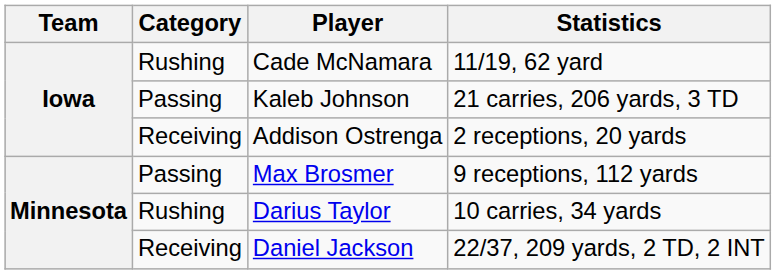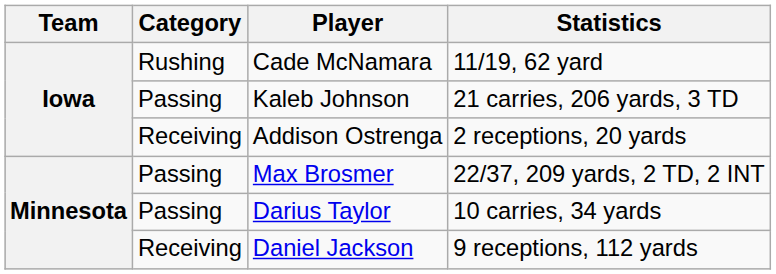 <table class="wikitable" style="float:right">
 <tr>
 <th>Team</th>
 <th>Category</th>
 <th>Player</th>
 <th>Statistics</th>
 </tr>
 <tr>
 <th rowspan=3>Iowa</th>
 <td>Rushing</td>
 <td>Cade McNamara</td>
 <td>11/19, 62 yard</td>
 </tr>
 <tr>
 <td>Passing</td>
 <td>Kaleb Johnson</td>
 <td>21 carries, 206 yards, 3 TD</td>
 </tr>
 <tr>
 <td>Receiving</td>
 <td>Addison Ostrenga</td>
 <td>2 receptions, 20 yards</td>
 </tr>
 <tr>
 <th rowspan=3>Minnesota</th>
 <td>Passing</td>
 <td><a href='#'>Max Brosmer</a></td>
-<td>9 receptions, 112 yards</td>
+<td>22/37, 209 yards, 2 TD, 2 INT</td>
 </tr>
 <tr>
-<td>Rushing</td>
+<td>Passing</td>
 <td><a href='#'>Darius Taylor</a></td>
 <td>10 carries, 34 yards</td>
 </tr>
 <tr>
 <td>Receiving</td>
 <td><a href='#'>Daniel Jackson</a></td>
-<td>22/37, 209 yards, 2 TD, 2 INT</td>
+<td>9 receptions, 112 yards</td>
 </tr>
 </table>
